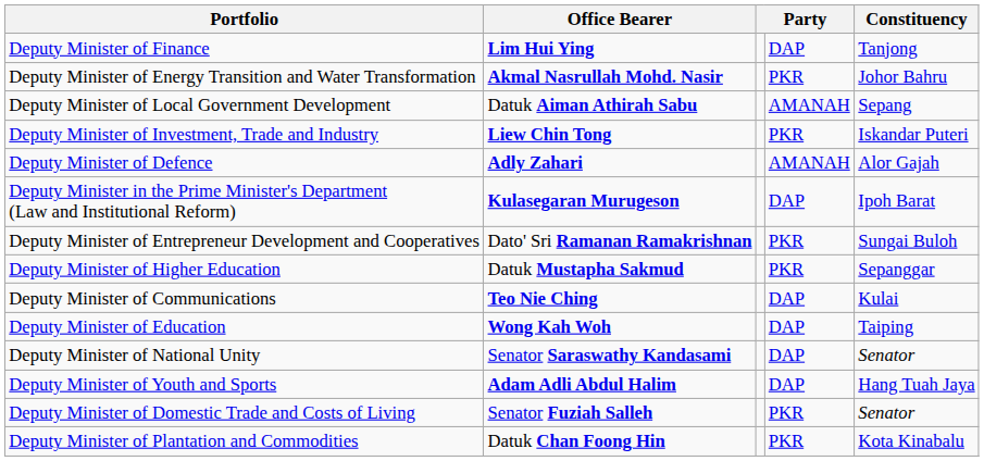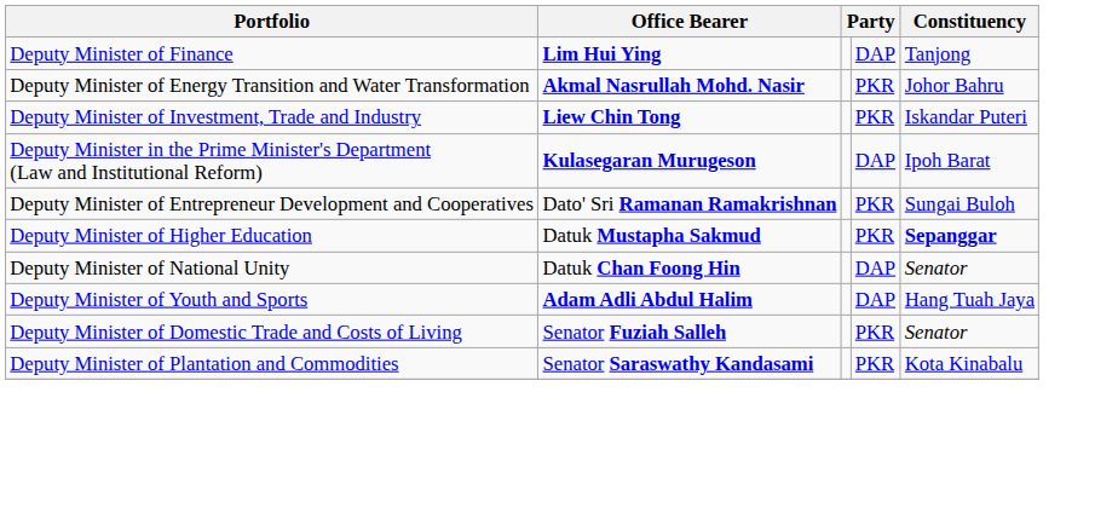 <table class="sortable wikitable">
 <tr>
 <th>Portfolio</th>
 <th>Office Bearer</th>
 <th colspan="2">Party</th>
 <th>Constituency</th>
 </tr>
 <tr>
 <td><a href='#'>Deputy Minister of Finance</a></td>
 <td><strong><a href='#'>Lim Hui Ying</a></strong> </td>
 <td></td>
 <td><a href='#'>DAP</a></td>
 <td><a href='#'>Tanjong</a></td>
 </tr>
 <tr>
 <td>Deputy Minister of Energy Transition and Water Transformation</td>
 <td><strong><a href='#'>Akmal Nasrullah Mohd. Nasir</a></strong> </td>
 <td></td>
 <td><a href='#'>PKR</a></td>
 <td><a href='#'>Johor Bahru</a></td>
 </tr>
 <tr>
-<td>Deputy Minister of Local Government Development</td>
-<td>Datuk <strong><a href='#'>Aiman Athirah Sabu</a></strong> </td>
-<td></td>
-<td><a href='#'>AMANAH</a></td>
-<td><a href='#'>Sepang</a></td>
-</tr>
-<tr>
 <td><a href='#'>Deputy Minister of Investment, Trade and Industry</a></td>
 <td><strong><a href='#'>Liew Chin Tong</a></strong>  </td>
 <td></td>
 <td><a href='#'>PKR</a></td>
 <td><a href='#'>Iskandar Puteri</a></td>
-</tr>
-<tr>
-<td><a href='#'>Deputy Minister of Defence</a></td>
-<td><strong><a href='#'>Adly Zahari</a></strong>  </td>
-<td></td>
-<td><a href='#'>AMANAH</a></td>
-<td><a href='#'>Alor Gajah</a></td>
 </tr>
 <tr>
 <td><a href='#'>Deputy Minister in the Prime Minister's Department</a><br>(Law and Institutional Reform)</td>
 <td><strong><a href='#'>Kulasegaran Murugeson</a></strong> </td>
 <td></td>
 <td><a href='#'>DAP</a></td>
 <td><a href='#'>Ipoh Barat</a></td>
 </tr>
 <tr>
 <td>Deputy Minister of Entrepreneur Development and Cooperatives</td>
 <td>Dato' Sri <strong><a href='#'>Ramanan Ramakrishnan</a></strong> </td>
 <td></td>
 <td><a href='#'>PKR</a></td>
 <td><a href='#'>Sungai Buloh</a></td>
 </tr>
 <tr>
 <td><a href='#'>Deputy Minister of Higher Education</a></td>
 <td>Datuk <strong><a href='#'>Mustapha Sakmud</a></strong> </td>
 <td></td>
 <td><a href='#'>PKR</a></td>
-<td><a href='#'>Sepanggar</a></td>
-</tr>
-<tr>
-<td>Deputy Minister of Communications</td>
-<td><strong><a href='#'>Teo Nie Ching</a></strong> </td>
-<td></td>
-<td><a href='#'>DAP</a></td>
-<td><a href='#'>Kulai</a></td>
-</tr>
-<tr>
-<td><a href='#'>Deputy Minister of Education</a></td>
-<td><strong><a href='#'>Wong Kah Woh</a></strong> </td>
-<td></td>
-<td><a href='#'>DAP</a></td>
-<td><a href='#'>Taiping</a></td>
+<td><strong><a href='#'>Sepanggar</a></strong></td>
 </tr>
 <tr>
 <td>Deputy Minister of National Unity</td>
-<td><a href='#'>Senator</a> <strong><a href='#'>Saraswathy Kandasami</a></strong></td>
+<td>Datuk <strong><a href='#'>Chan Foong Hin</a></strong> </td>
 <td></td>
 <td><a href='#'>DAP</a></td>
 <td><em>Senator</em></td>
 </tr>
 <tr>
 <td><a href='#'>Deputy Minister of Youth and Sports</a></td>
 <td><strong><a href='#'>Adam Adli Abdul Halim</a></strong> </td>
 <td></td>
 <td><a href='#'>DAP</a></td>
 <td><a href='#'>Hang Tuah Jaya</a></td>
 </tr>
 <tr>
 <td><a href='#'>Deputy Minister of Domestic Trade and Costs of Living</a></td>
 <td><a href='#'>Senator</a> <strong><a href='#'>Fuziah Salleh</a></strong></td>
 <td></td>
 <td><a href='#'>PKR</a></td>
 <td><em>Senator</em></td>
 </tr>
 <tr>
 <td><a href='#'>Deputy Minister of Plantation and Commodities</a></td>
-<td>Datuk <strong><a href='#'>Chan Foong Hin</a></strong> </td>
+<td><a href='#'>Senator</a> <strong><a href='#'>Saraswathy Kandasami</a></strong></td>
 <td></td>
 <td><a href='#'>PKR</a></td>
 <td><a href='#'>Kota Kinabalu</a></td>
 </tr>
 <tr>
 </tr>
 </table>
